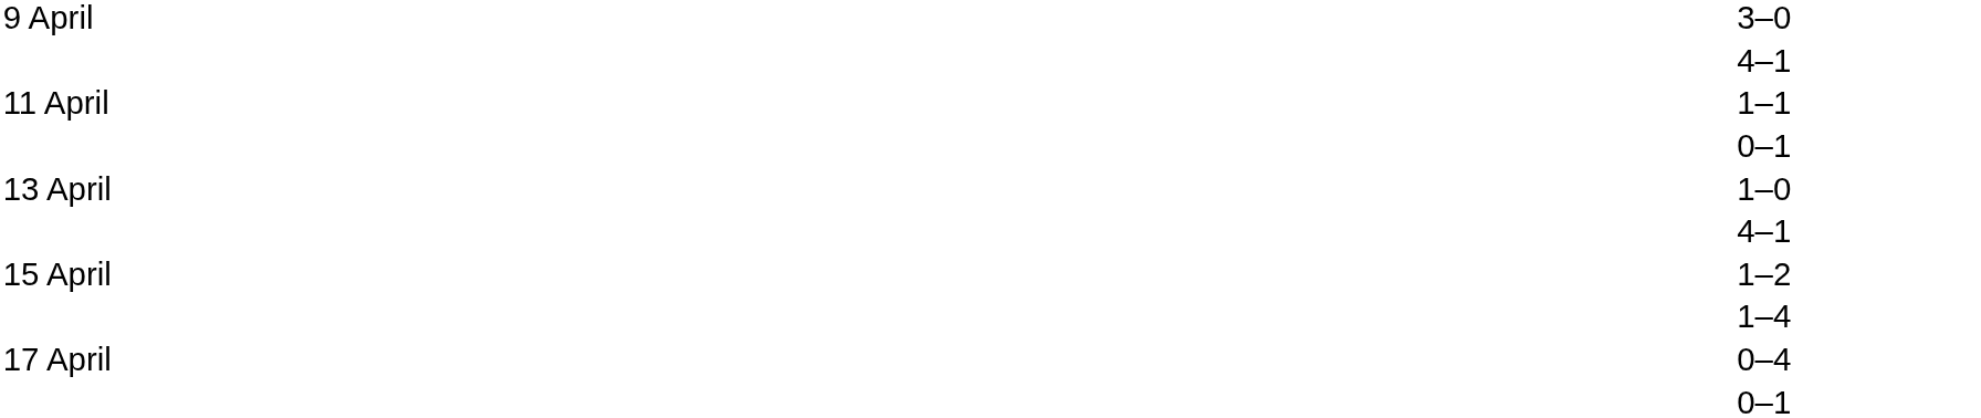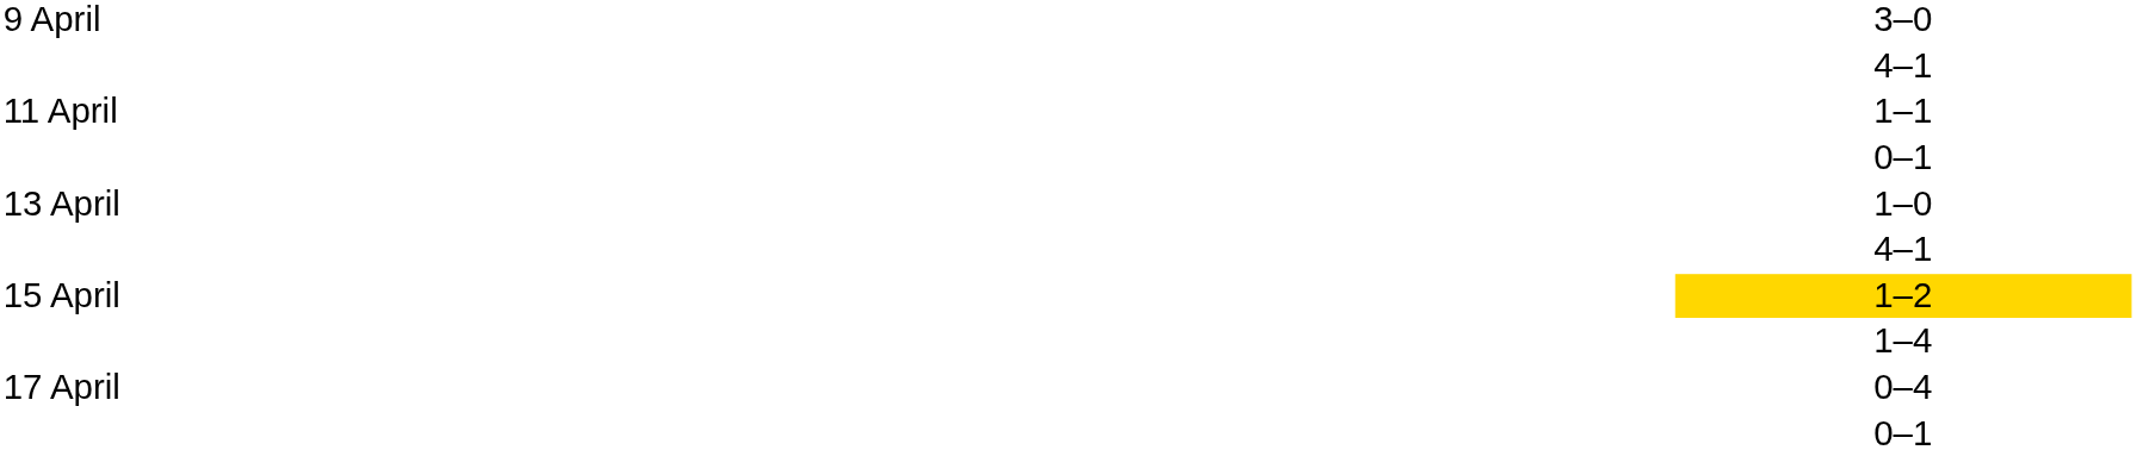 <table cellspacing=1 width=70%>
 <tr>
 <th width=25%></th>
 <th width=30%></th>
 <th width=15%></th>
 <th width=30%></th>
 </tr>
 <tr>
 <td>9 April</td>
 <td align=right></td>
 <td align=center>3–0</td>
 <td></td>
 </tr>
 <tr>
 <td></td>
 <td align=right></td>
 <td align=center>4–1</td>
 <td></td>
 </tr>
 <tr>
 <td>11 April</td>
 <td align=right></td>
 <td align=center>1–1</td>
 <td></td>
 </tr>
 <tr>
 <td></td>
 <td align=right></td>
 <td align=center>0–1</td>
 <td></td>
 </tr>
 <tr>
 <td>13 April</td>
 <td align=right></td>
 <td align=center>1–0</td>
 <td></td>
 </tr>
 <tr>
 <td></td>
 <td align=right></td>
 <td align=center>4–1</td>
 <td></td>
 </tr>
 <tr>
 <td>15 April</td>
 <td align=right></td>
-<td align=center>1–2</td>
+<td align=center style="background: gold;">1–2</td>
 <td></td>
 </tr>
 <tr>
 <td></td>
 <td align=right></td>
 <td align=center>1–4</td>
 <td></td>
 </tr>
 <tr>
 <td>17 April</td>
 <td align=right></td>
 <td align=center>0–4</td>
 <td></td>
 </tr>
 <tr>
 <td></td>
 <td align=right></td>
 <td align=center>0–1</td>
 <td></td>
 </tr>
 </table>
